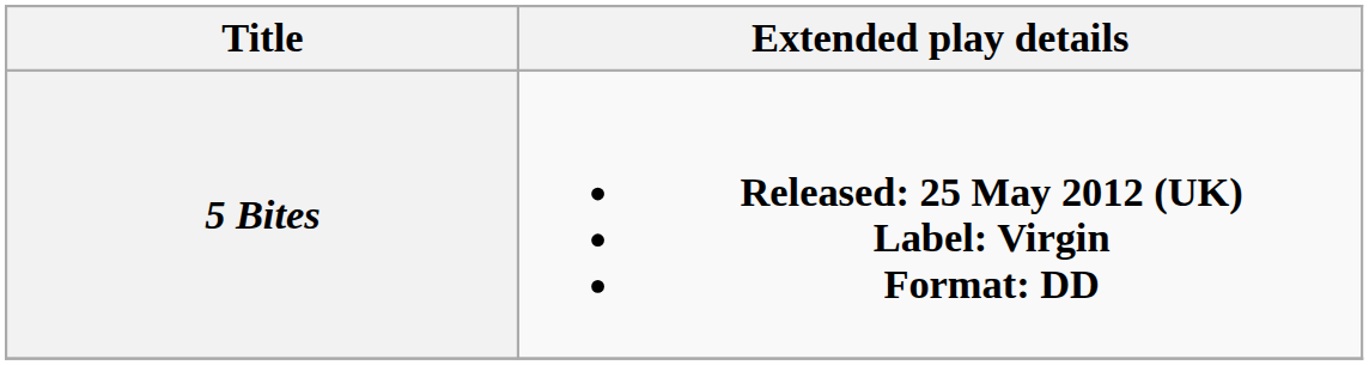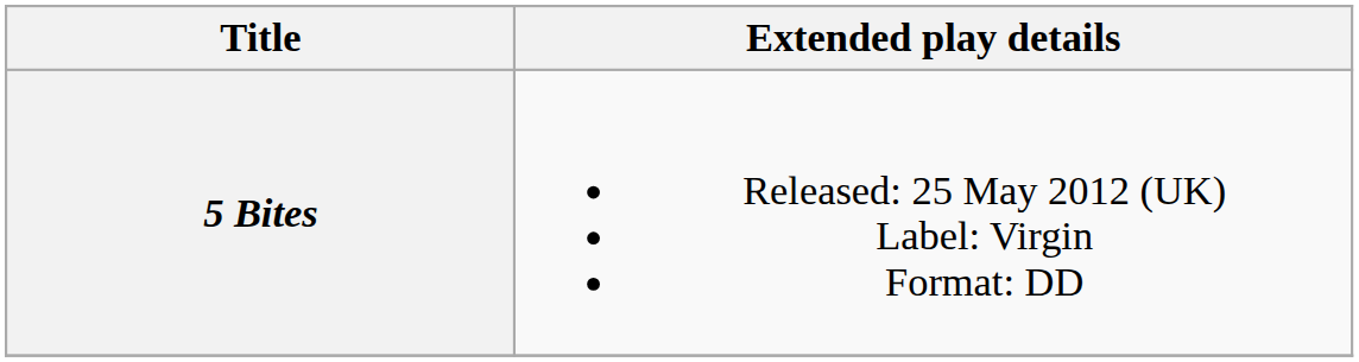 <table class="wikitable plainrowheaders" style="text-align:center;">
 <tr>
 <th scope="col" style="width:12em;">Title</th>
 <th scope="col" style="width:20em;">Extended play details</th>
 </tr>
 <tr>
 <th scope="row"><em>5 Bites</em></th>
-<td><strong><br><ul><li>Released: 25 May 2012 <span>(UK)</span></li><li>Label: Virgin</li><li>Format: DD</li></ul></strong></td>
+<td><br><ul><li>Released: 25 May 2012 <span>(UK)</span></li><li>Label: Virgin</li><li>Format: DD</li></ul></td>
 </tr>
 <tr>
 </tr>
 </table>
